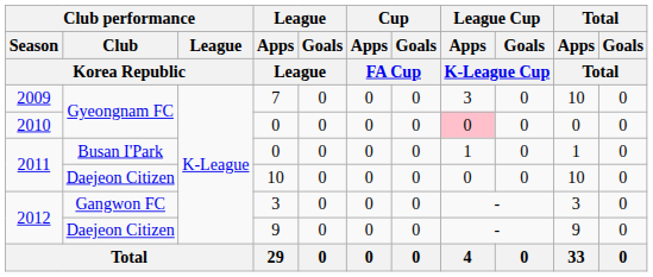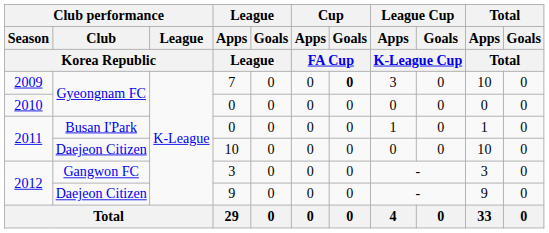 <table class="wikitable" style="text-align:center;">
 <tr>
 <th colspan=3>Club performance</th>
 <th colspan=2>League</th>
 <th colspan=2>Cup</th>
 <th colspan=2>League Cup</th>
 <th colspan=2>Total</th>
 </tr>
 <tr>
 <th>Season</th>
 <th>Club</th>
 <th>League</th>
 <th>Apps</th>
 <th>Goals</th>
 <th>Apps</th>
 <th>Goals</th>
 <th>Apps</th>
 <th>Goals</th>
 <th>Apps</th>
 <th>Goals</th>
 </tr>
 <tr>
 <th colspan=3>Korea Republic</th>
 <th colspan=2>League</th>
 <th colspan=2><a href='#'>FA Cup</a></th>
 <th colspan=2><a href='#'>K-League Cup</a></th>
 <th colspan=2>Total</th>
 </tr>
 <tr>
 <td><a href='#'>2009</a></td>
 <td rowspan="2"><a href='#'>Gyeongnam FC</a></td>
 <td rowspan="6"><a href='#'>K-League</a></td>
 <td>7</td>
 <td>0</td>
 <td>0</td>
-<td>0</td>
+<td><strong>0</strong></td>
 <td>3</td>
 <td>0</td>
 <td>10</td>
 <td>0</td>
 </tr>
 <tr>
 <td><a href='#'>2010</a></td>
 <td>0</td>
 <td>0</td>
 <td>0</td>
 <td>0</td>
-<td style="background: pink;">0</td>
+<td>0</td>
 <td>0</td>
 <td>0</td>
 <td>0</td>
 </tr>
 <tr>
 <td rowspan=2><a href='#'>2011</a></td>
 <td rowspan="1"><a href='#'>Busan I'Park</a></td>
 <td>0</td>
 <td>0</td>
 <td>0</td>
 <td>0</td>
 <td>1</td>
 <td>0</td>
 <td>1</td>
 <td>0</td>
 </tr>
 <tr>
 <td rowspan=1><a href='#'>Daejeon Citizen</a></td>
 <td>10</td>
 <td>0</td>
 <td>0</td>
 <td>0</td>
 <td>0</td>
 <td>0</td>
 <td>10</td>
 <td>0</td>
 </tr>
 <tr>
 <td rowspan=2><a href='#'>2012</a></td>
 <td rowspan="1"><a href='#'>Gangwon FC</a></td>
 <td>3</td>
 <td>0</td>
 <td>0</td>
 <td>0</td>
 <td colspan=2>-</td>
 <td>3</td>
 <td>0</td>
 </tr>
 <tr>
 <td rowspan=1><a href='#'>Daejeon Citizen</a></td>
 <td>9</td>
 <td>0</td>
 <td>0</td>
 <td>0</td>
 <td colspan=2>-</td>
 <td>9</td>
 <td>0</td>
 </tr>
 <tr>
 <th colspan=3>Total</th>
 <th>29</th>
 <th>0</th>
 <th>0</th>
 <th>0</th>
 <th>4</th>
 <th>0</th>
 <th>33</th>
 <th>0</th>
 </tr>
 </table>
